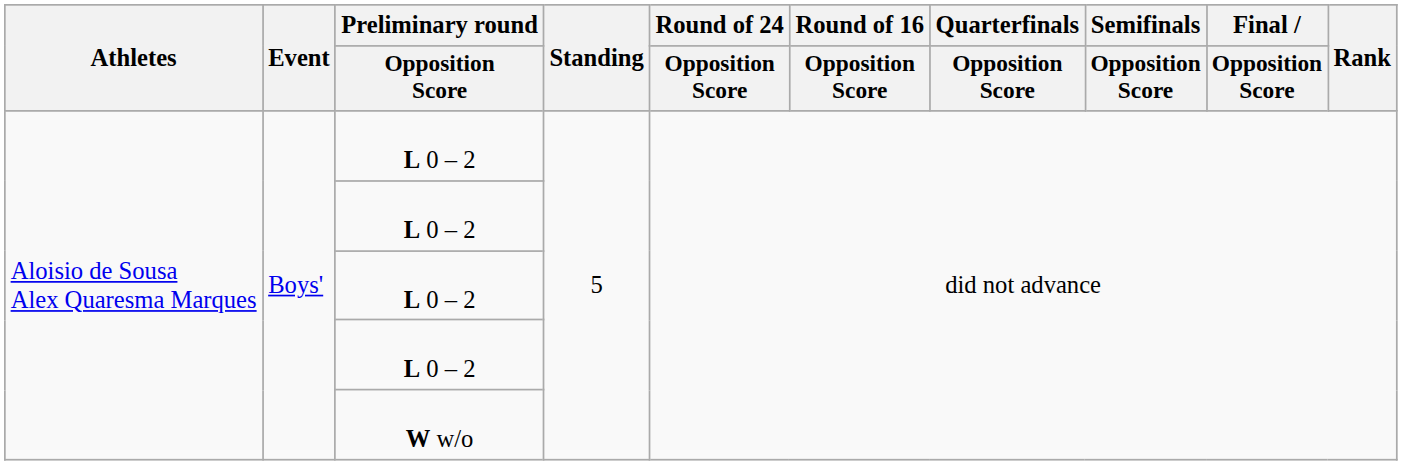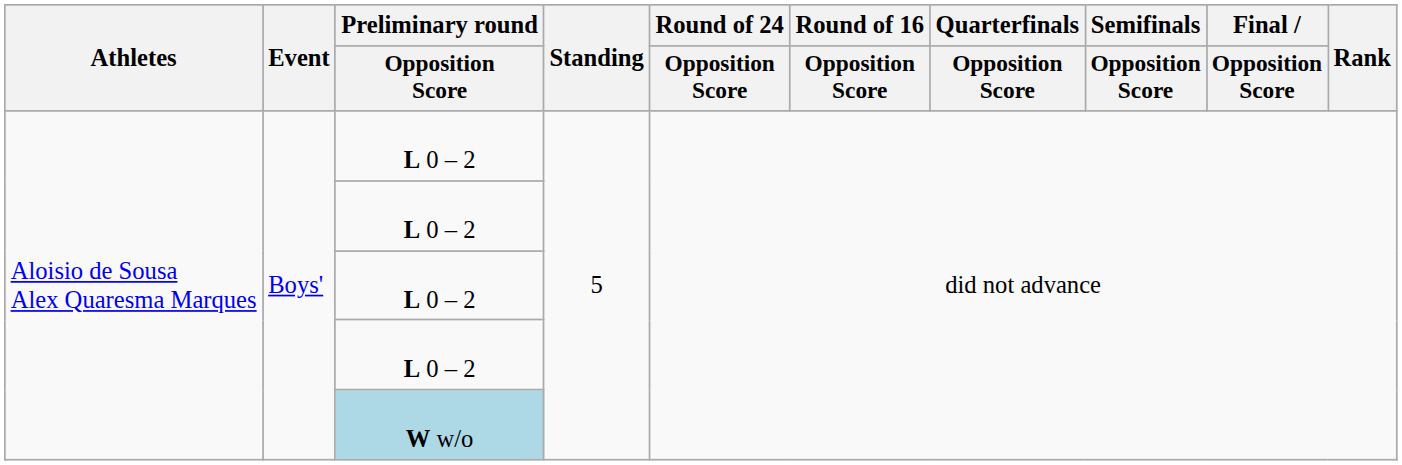 <table class=wikitable style="font-size:90%">
 <tr>
 <th rowspan="2">Athletes</th>
 <th rowspan="2">Event</th>
 <th>Preliminary round</th>
 <th rowspan="2">Standing</th>
 <th>Round of 24</th>
 <th>Round of 16</th>
 <th>Quarterfinals</th>
 <th>Semifinals</th>
 <th>Final / </th>
 <th rowspan=2>Rank</th>
 </tr>
 <tr style="font-size:95%">
 <th>Opposition<br>Score</th>
 <th>Opposition<br>Score</th>
 <th>Opposition<br>Score</th>
 <th>Opposition<br>Score</th>
 <th>Opposition<br>Score</th>
 <th>Opposition<br>Score</th>
 </tr>
 <tr align=center>
 <td align=left rowspan=5><a href='#'>Aloisio de Sousa</a><br><a href='#'>Alex Quaresma Marques</a></td>
 <td align=left rowspan=5><a href='#'>Boys'</a></td>
 <td><br><strong>L</strong> 0 – 2</td>
 <td rowspan=5>5</td>
 <td rowspan=5 colspan=6>did not advance</td>
 </tr>
 <tr align=center>
 <td><br><strong>L</strong> 0 – 2</td>
 </tr>
 <tr align=center>
 <td><br><strong>L</strong> 0 – 2</td>
 </tr>
 <tr align=center>
 <td><br><strong>L</strong> 0 – 2</td>
 </tr>
 <tr align=center>
-<td><br><strong>W</strong> w/o</td>
+<td style="background: lightblue;"><br><strong>W</strong> w/o</td>
 </tr>
 </table>
